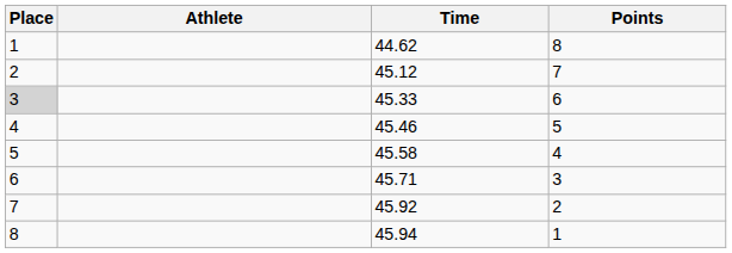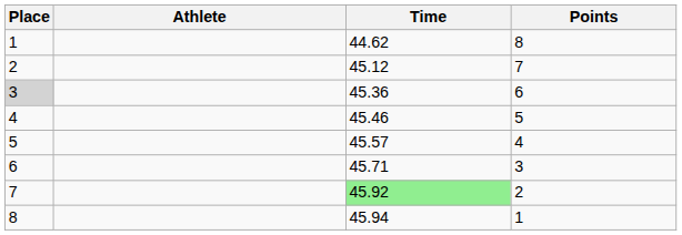 <table class=wikitable>
 <tr>
 <th>Place</th>
 <th style="width:18em">Athlete</th>
 <th style="width:10em">Time</th>
 <th style="width:10em">Points</th>
 </tr>
 <tr>
 <td>1</td>
 <td></td>
 <td>44.62</td>
 <td>8</td>
 </tr>
 <tr>
 <td>2</td>
 <td></td>
 <td>45.12</td>
 <td>7</td>
 </tr>
 <tr>
 <td style="background: lightgrey;">3</td>
 <td></td>
-<td>45.33</td>
+<td>45.36</td>
 <td>6</td>
 </tr>
 <tr>
 <td>4</td>
 <td></td>
 <td>45.46</td>
 <td>5</td>
 </tr>
 <tr>
 <td>5</td>
 <td></td>
-<td>45.58</td>
+<td>45.57</td>
 <td>4</td>
 </tr>
 <tr>
 <td>6</td>
 <td></td>
 <td>45.71</td>
 <td>3</td>
 </tr>
 <tr>
 <td>7</td>
 <td></td>
-<td>45.92</td>
+<td style="background: lightgreen;">45.92</td>
 <td>2</td>
 </tr>
 <tr>
 <td>8</td>
 <td></td>
 <td>45.94</td>
 <td>1</td>
 </tr>
 </table>
